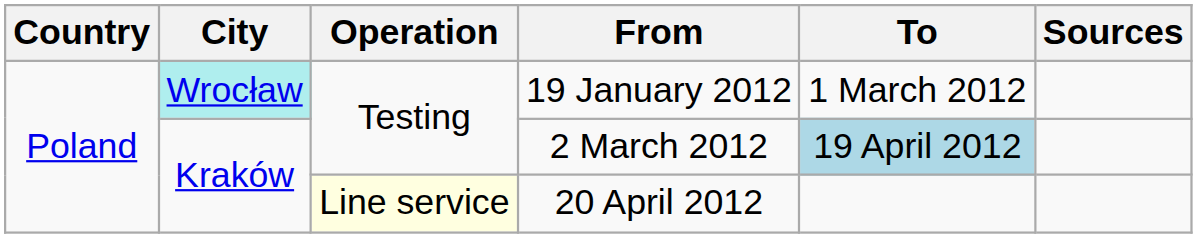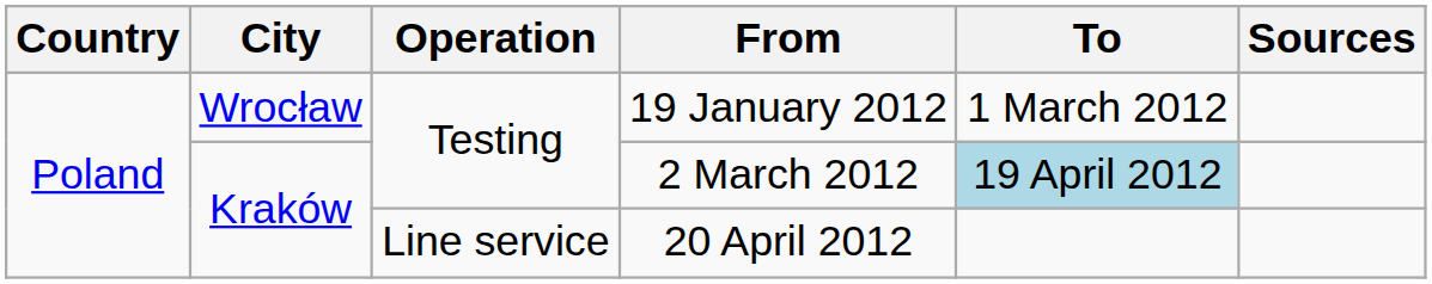 <table class="wikitable" style="text-align:center;">
 <tr>
 <th>Country</th>
 <th>City</th>
 <th>Operation</th>
 <th>From</th>
 <th>To</th>
 <th>Sources</th>
 </tr>
 <tr>
 <td rowspan="3"><a href='#'>Poland</a></td>
-<td style="background: paleturquoise;"><a href='#'>Wrocław</a></td>
+<td><a href='#'>Wrocław</a></td>
 <td rowspan="2">Testing</td>
 <td>19 January 2012</td>
 <td>1 March 2012</td>
 <td></td>
 </tr>
 <tr>
 <td rowspan="2"><a href='#'>Kraków</a></td>
 <td>2 March 2012</td>
 <td style="background: lightblue;">19 April 2012</td>
 <td></td>
 </tr>
 <tr>
-<td style="background: lightyellow;">Line service</td>
+<td>Line service</td>
 <td>20 April 2012</td>
 <td></td>
 <td></td>
 </tr>
 </table>
